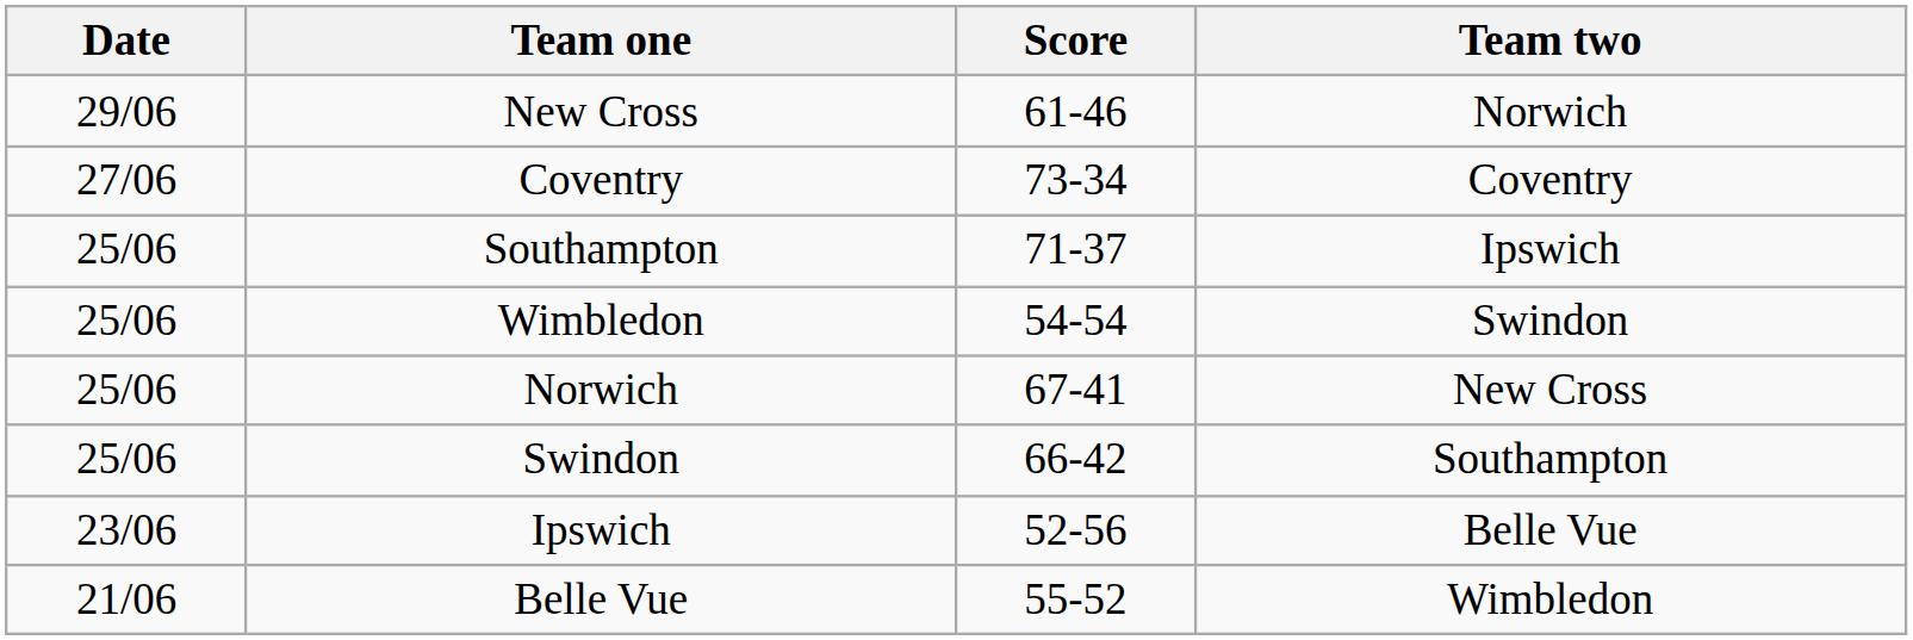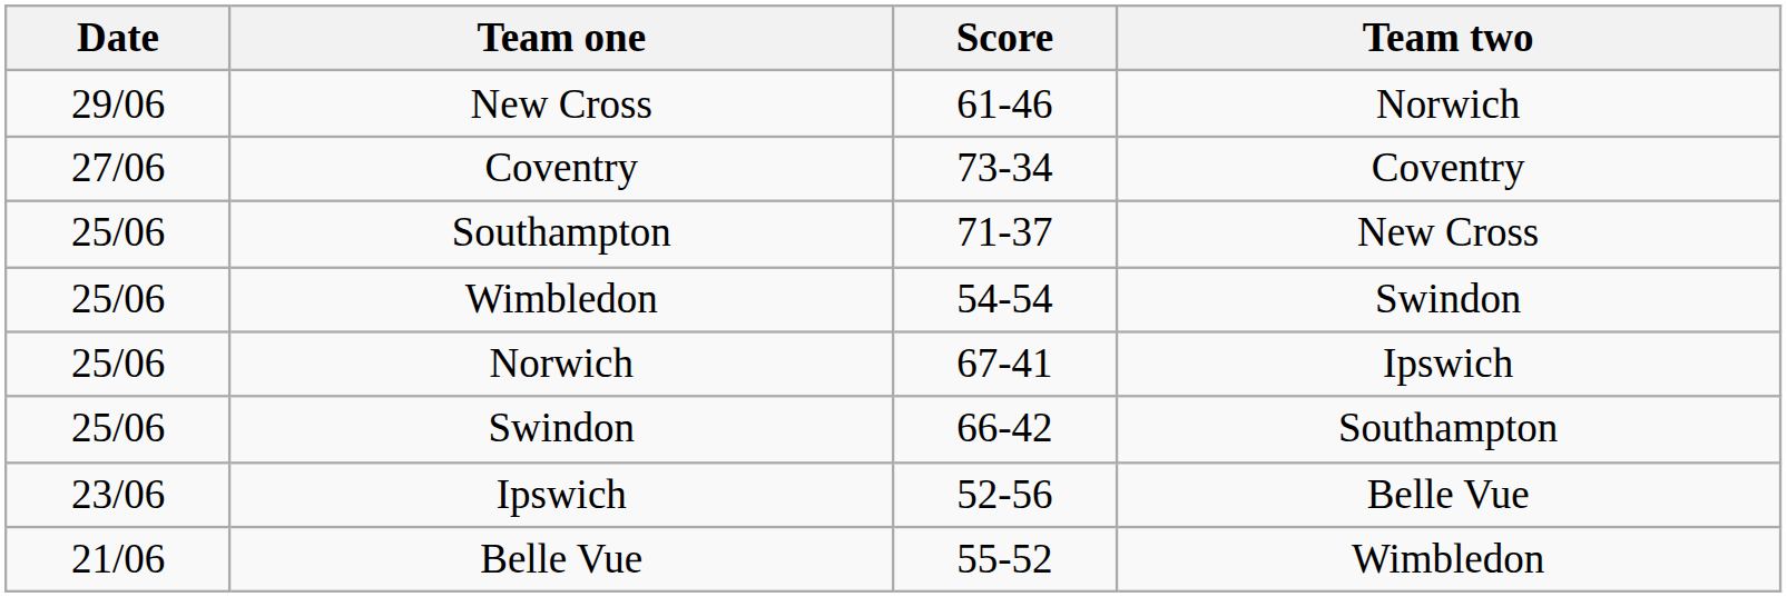 <table class="wikitable" style="text-align: center">
 <tr>
 <th width=80>Date</th>
 <th width=250>Team one</th>
 <th width=80>Score</th>
 <th width=250>Team two</th>
 </tr>
 <tr>
 <td>29/06</td>
 <td>New Cross</td>
 <td>61-46</td>
 <td>Norwich</td>
 </tr>
 <tr>
 <td>27/06</td>
 <td>Coventry</td>
 <td>73-34</td>
 <td>Coventry</td>
 </tr>
 <tr>
 <td>25/06</td>
 <td>Southampton</td>
 <td>71-37</td>
-<td>Ipswich</td>
+<td>New Cross</td>
 </tr>
 <tr>
 <td>25/06</td>
 <td>Wimbledon</td>
 <td>54-54</td>
 <td>Swindon</td>
 </tr>
 <tr>
 <td>25/06</td>
 <td>Norwich</td>
 <td>67-41</td>
-<td>New Cross</td>
+<td>Ipswich</td>
 </tr>
 <tr>
 <td>25/06</td>
 <td>Swindon</td>
 <td>66-42</td>
 <td>Southampton</td>
 </tr>
 <tr>
 <td>23/06</td>
 <td>Ipswich</td>
 <td>52-56</td>
 <td>Belle Vue</td>
 </tr>
 <tr>
 <td>21/06</td>
 <td>Belle Vue</td>
 <td>55-52</td>
 <td>Wimbledon</td>
 </tr>
 </table>
